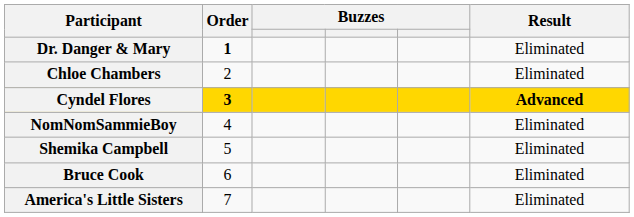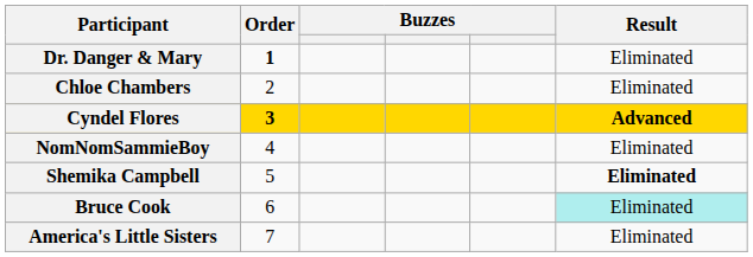 <table class="wikitable plainrowheaders sortable" style="text-align:center" width="50%;">
 <tr>
 <th scope="col" rowspan=2 class="unsortable" style="width:15em;">Participant</th>
 <th scope="col" rowspan=2 style="width:1em;">Order</th>
 <th scope="col" colspan=3 class="unsortable" style="width:24em;">Buzzes</th>
 <th scope="col" rowspan=2 style="width:15em;">Result</th>
 </tr>
 <tr>
 <th scope="col" class="unsortable" style="width:5em;"></th>
 <th scope="col" class="unsortable" style="width:5em;"></th>
 <th scope="col" class="unsortable" style="width:5em;"></th>
 </tr>
 <tr>
 <th>Dr. Danger & Mary</th>
 <td><strong>1</strong></td>
 <td></td>
 <td></td>
 <td></td>
 <td>Eliminated</td>
 </tr>
 <tr>
 <th>Chloe Chambers</th>
 <td>2</td>
 <td></td>
 <td></td>
 <td></td>
 <td>Eliminated</td>
 </tr>
 <tr style="background:gold">
 <th>Cyndel Flores</th>
 <td><strong>3</strong></td>
 <td></td>
 <td></td>
 <td></td>
 <td><strong>Advanced</strong></td>
 </tr>
 <tr>
 <th>NomNomSammieBoy</th>
 <td>4</td>
 <td></td>
 <td></td>
 <td></td>
 <td>Eliminated</td>
 </tr>
 <tr>
 <th>Shemika Campbell</th>
 <td>5</td>
 <td></td>
 <td></td>
 <td></td>
-<td>Eliminated</td>
+<td><strong>Eliminated</strong></td>
 </tr>
 <tr>
 <th>Bruce Cook</th>
 <td>6</td>
 <td></td>
 <td></td>
 <td></td>
-<td>Eliminated</td>
+<td style="background: paleturquoise;">Eliminated</td>
 </tr>
 <tr>
 <th>America's Little Sisters</th>
 <td>7</td>
 <td></td>
 <td></td>
 <td></td>
 <td>Eliminated</td>
 </tr>
 </table>
